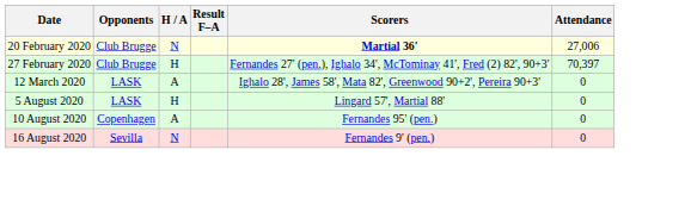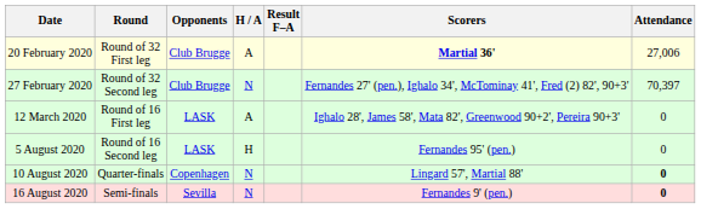 <table class="wikitable" style="text-align:center">
 <tr>
 <th>Date</th>
+<th>Round</th>
 <th>Opponents</th>
 <th>H / A</th>
 <th>Result<br>F–A</th>
 <th>Scorers</th>
 <th>Attendance</th>
 </tr>
 <tr style="background:#ffffdd">
 <td>20 February 2020</td>
+<td>Round of 32<br>First leg</td>
 <td><a href='#'>Club Brugge</a></td>
-<td><a href='#'>N</a></td>
+<td>A</td>
 <td></td>
 <td><strong><a href='#'>Martial</a> 36'</strong></td>
 <td>27,006</td>
 </tr>
 <tr style="background:#ddffdd">
 <td>27 February 2020</td>
+<td>Round of 32<br>Second leg</td>
 <td><a href='#'>Club Brugge</a></td>
-<td>H</td>
+<td><a href='#'>N</a></td>
 <td></td>
 <td><a href='#'>Fernandes</a> 27' (<a href='#'>pen.</a>), <a href='#'>Ighalo</a> 34', <a href='#'>McTominay</a> 41', <a href='#'>Fred</a> (2) 82', 90+3'</td>
 <td>70,397</td>
 </tr>
 <tr style="background:#ddffdd">
 <td>12 March 2020</td>
+<td>Round of 16<br>First leg</td>
 <td><a href='#'>LASK</a></td>
 <td>A</td>
 <td></td>
 <td><a href='#'>Ighalo</a> 28', <a href='#'>James</a> 58', <a href='#'>Mata</a> 82', <a href='#'>Greenwood</a> 90+2', <a href='#'>Pereira</a> 90+3'</td>
 <td>0</td>
 </tr>
 <tr style="background:#ddffdd">
 <td>5 August 2020</td>
+<td>Round of 16<br>Second leg</td>
 <td><a href='#'>LASK</a></td>
 <td>H</td>
 <td></td>
-<td><a href='#'>Lingard</a> 57', <a href='#'>Martial</a> 88'</td>
+<td><a href='#'>Fernandes</a> 95' (<a href='#'>pen.</a>)</td>
 <td>0</td>
 </tr>
 <tr style="background:#ddffdd">
 <td>10 August 2020</td>
+<td>Quarter-finals</td>
 <td><a href='#'>Copenhagen</a></td>
-<td>A</td>
+<td><a href='#'>N</a></td>
 <td><br></td>
-<td><a href='#'>Fernandes</a> 95' (<a href='#'>pen.</a>)</td>
-<td>0</td>
+<td><a href='#'>Lingard</a> 57', <a href='#'>Martial</a> 88'</td>
+<td><strong>0</strong></td>
 </tr>
 <tr style="background:#ffdddd">
 <td>16 August 2020</td>
+<td>Semi-finals</td>
 <td><a href='#'>Sevilla</a></td>
 <td><a href='#'>N</a></td>
 <td></td>
 <td><a href='#'>Fernandes</a> 9' (<a href='#'>pen.</a>)</td>
-<td>0</td>
+<td><strong>0</strong></td>
 </tr>
 </table>
